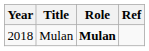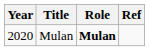 <table class="wikitable">
 <tr>
 <th>Year</th>
 <th>Title</th>
 <th>Role</th>
 <th>Ref</th>
 </tr>
 <tr>
-<td>2018</td>
+<td>2020</td>
 <td>Mulan</td>
 <td><strong>Mulan</strong></td>
 <td></td>
 </tr>
 </table>
